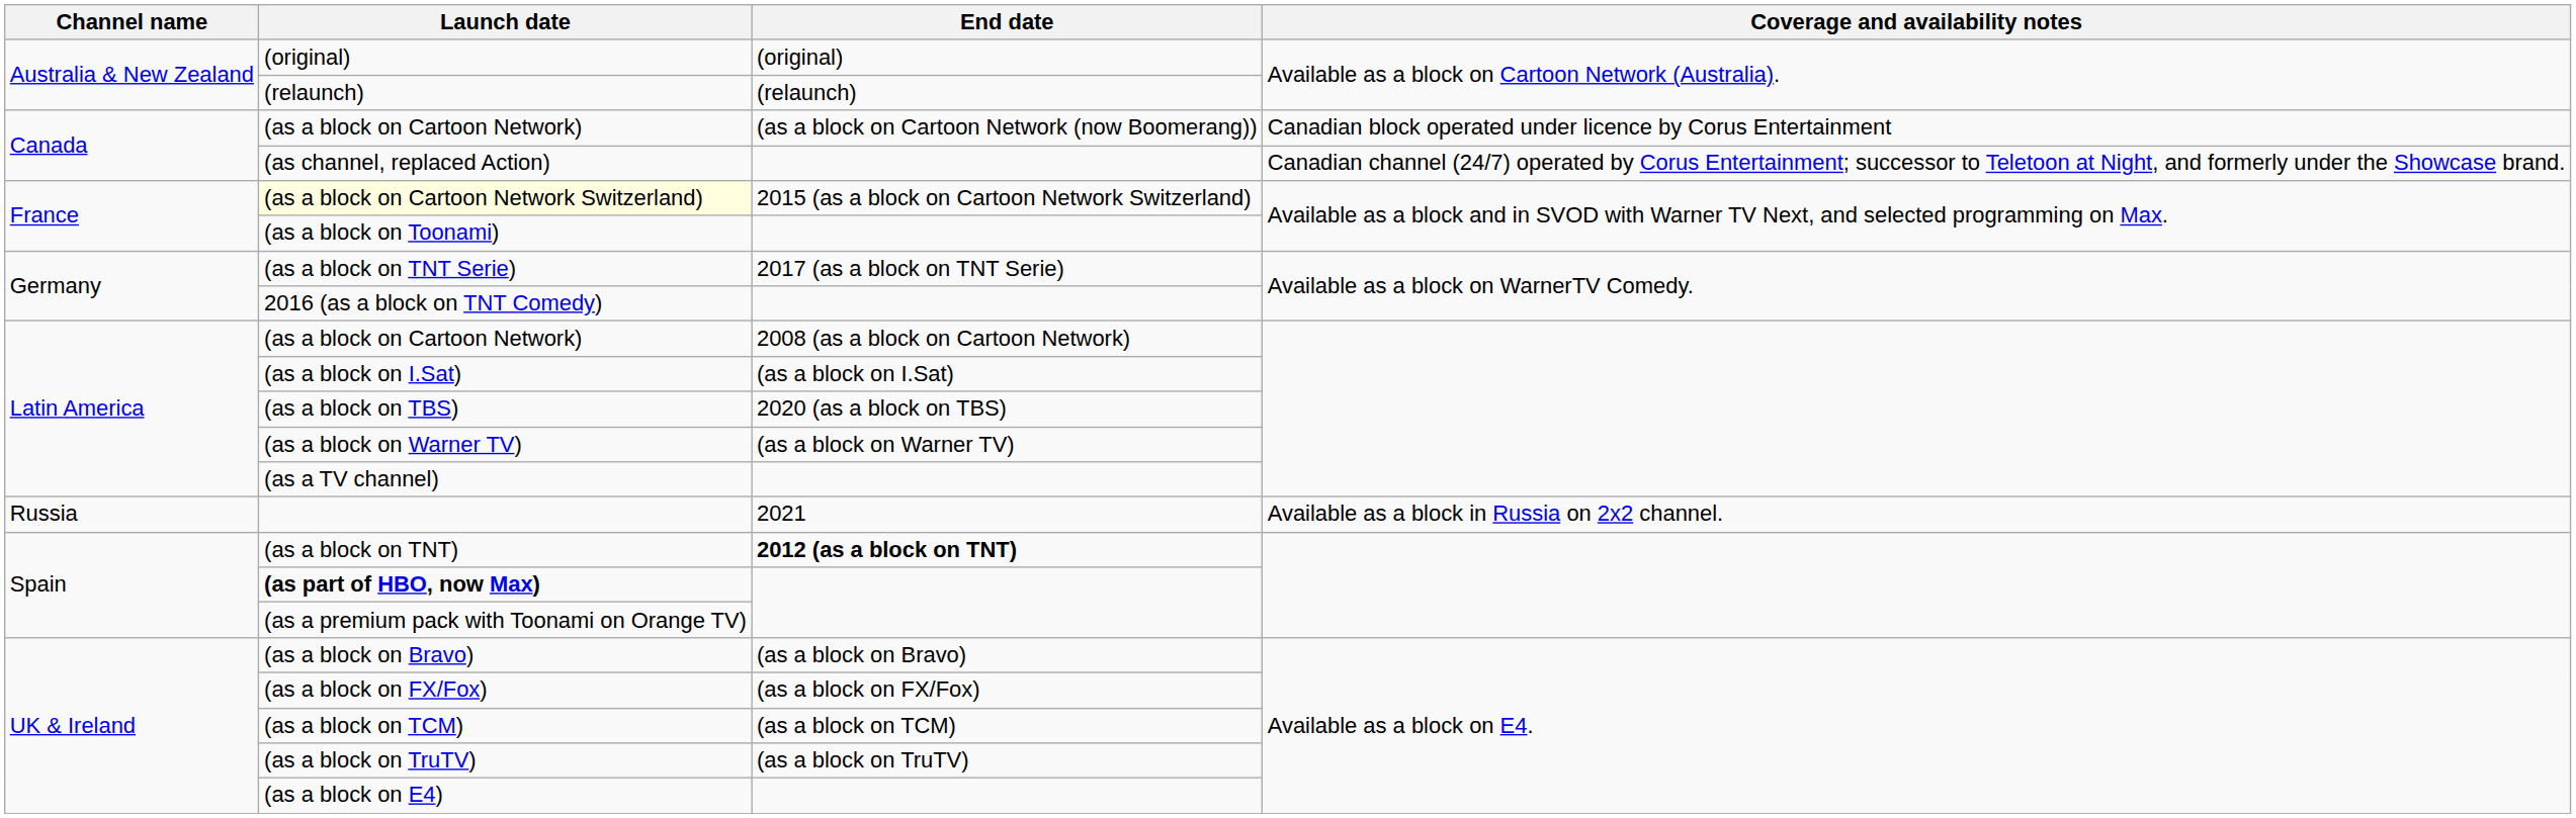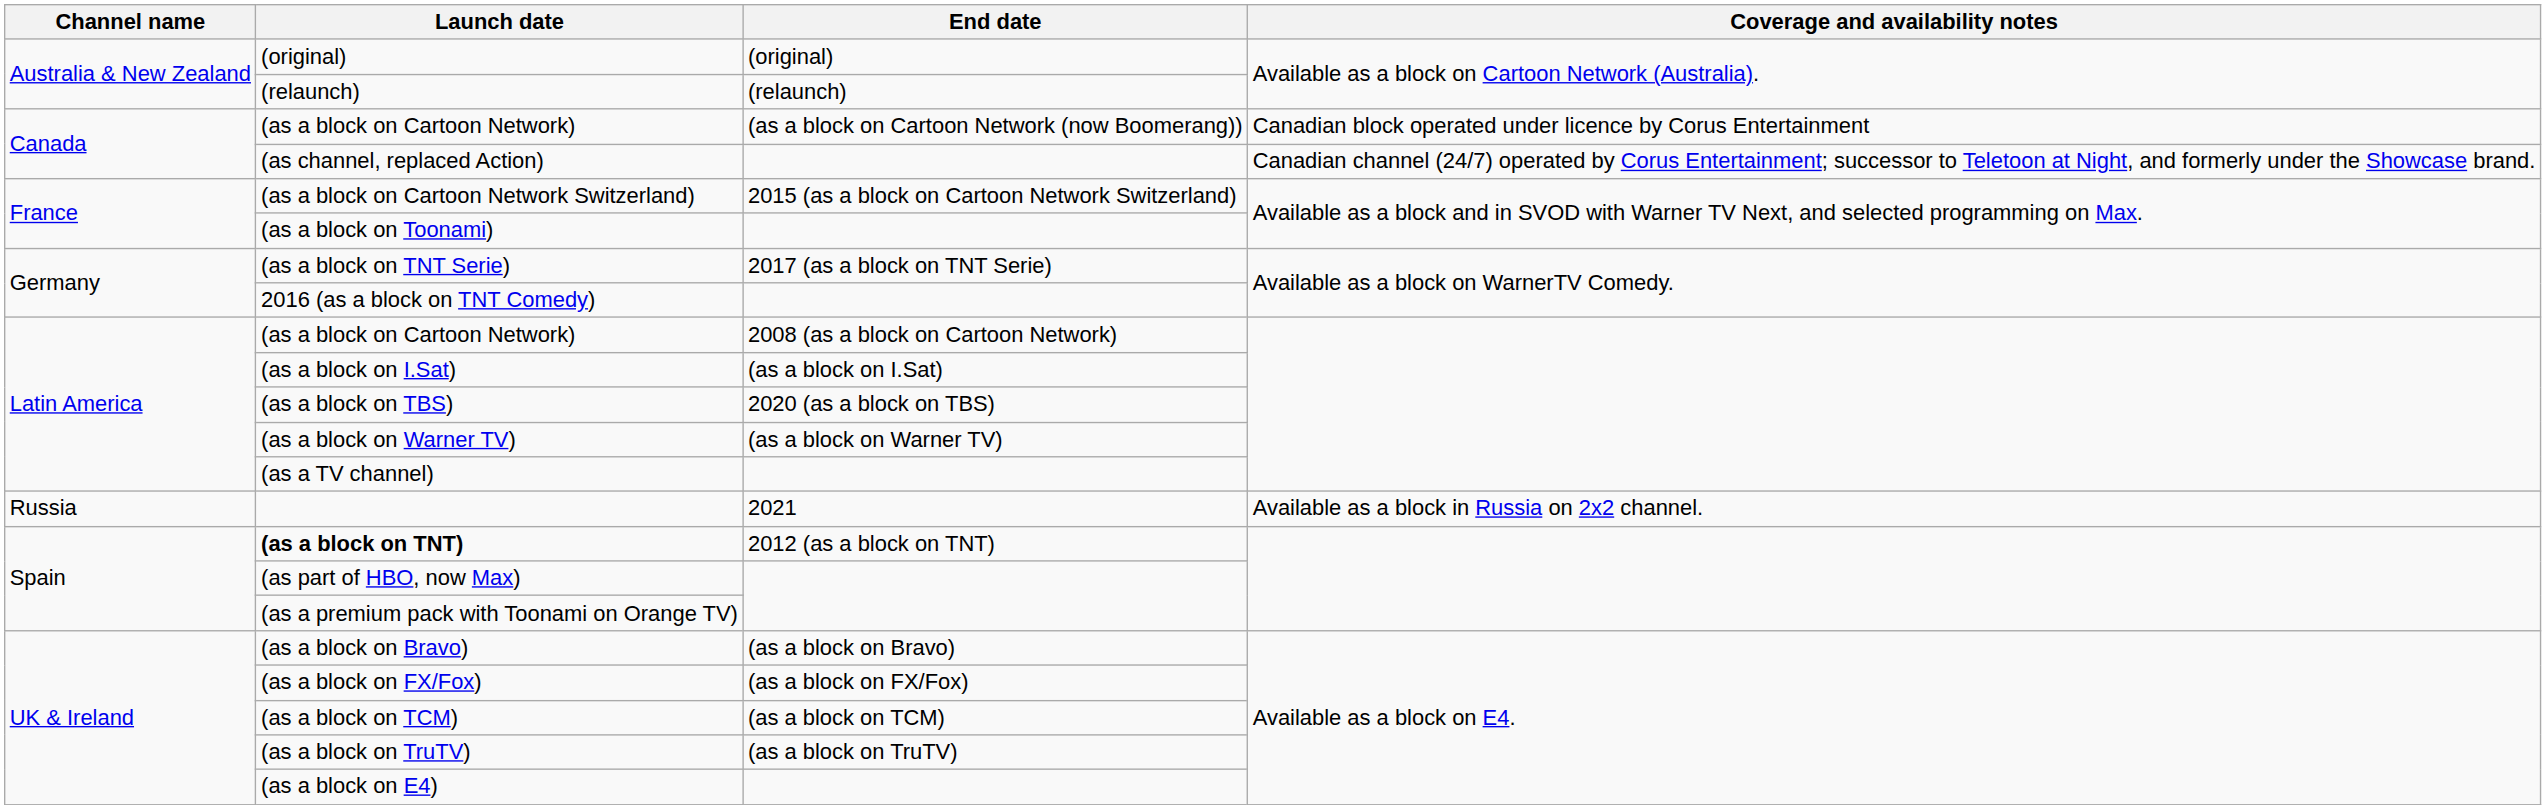 <table class="wikitable sortable">
 <tr>
 <th>Channel name</th>
 <th>Launch date</th>
 <th>End date</th>
 <th>Coverage and availability notes</th>
 </tr>
 <tr>
 <td rowspan="2"><a href='#'>Australia & New Zealand</a></td>
 <td> (original)</td>
 <td> (original)</td>
 <td rowspan="2">Available as a block on <a href='#'>Cartoon Network (Australia)</a>.</td>
 </tr>
 <tr>
 <td> (relaunch)</td>
 <td> (relaunch)</td>
 </tr>
 <tr>
 <td rowspan="2"><a href='#'>Canada</a></td>
 <td> (as a block on Cartoon Network)</td>
 <td> (as a block on Cartoon Network (now Boomerang))</td>
 <td>Canadian block operated under licence by Corus Entertainment</td>
 </tr>
 <tr>
 <td> (as channel, replaced Action)</td>
 <td></td>
 <td>Canadian channel (24/7) operated by <a href='#'>Corus Entertainment</a>; successor to <a href='#'>Teletoon at Night</a>, and formerly under the <a href='#'>Showcase</a> brand.</td>
 </tr>
 <tr>
 <td rowspan="2"><a href='#'>France</a></td>
-<td style="background: lightyellow;"> (as a block on Cartoon Network Switzerland)</td>
+<td> (as a block on Cartoon Network Switzerland)</td>
 <td>2015 (as a block on Cartoon Network Switzerland)</td>
 <td rowspan="2">Available as a block and in SVOD with Warner TV Next, and selected programming on <a href='#'>Max</a>.</td>
 </tr>
 <tr>
 <td> (as a block on <a href='#'>Toonami</a>)</td>
 <td></td>
 </tr>
 <tr>
 <td rowspan="2">Germany</td>
 <td> (as a block on <a href='#'>TNT Serie</a>)</td>
 <td>2017 (as a block on TNT Serie)</td>
 <td rowspan="2">Available as a block on WarnerTV Comedy.</td>
 </tr>
 <tr>
 <td>2016 (as a block on <a href='#'>TNT Comedy</a>)</td>
 <td></td>
 </tr>
 <tr>
 <td rowspan="5"><a href='#'>Latin America</a></td>
 <td> (as a block on Cartoon Network)</td>
 <td>2008 (as a block on Cartoon Network)</td>
 </tr>
 <tr>
 <td> (as a block on <a href='#'>I.Sat</a>)</td>
 <td> (as a block on I.Sat)</td>
 </tr>
 <tr>
 <td> (as a block on <a href='#'>TBS</a>)</td>
 <td>2020 (as a block on TBS)</td>
 </tr>
 <tr>
 <td> (as a block on <a href='#'>Warner TV</a>)</td>
 <td> (as a block on Warner TV)</td>
 </tr>
 <tr>
 <td> (as a TV channel)</td>
 <td></td>
 </tr>
 <tr>
 <td>Russia</td>
 <td></td>
 <td>2021</td>
 <td>Available as a block in <a href='#'>Russia</a> on <a href='#'>2x2</a> channel.</td>
 </tr>
 <tr>
 <td rowspan="3">Spain</td>
-<td> (as a block on TNT)</td>
-<td><strong>2012 (as a block on TNT)</strong></td>
+<td><strong> (as a block on TNT)</strong></td>
+<td>2012 (as a block on TNT)</td>
 </tr>
 <tr>
-<td><strong> (as part of <a href='#'>HBO</a>, now <a href='#'>Max</a>)</strong></td>
+<td> (as part of <a href='#'>HBO</a>, now <a href='#'>Max</a>)</td>
 <td rowspan="2"></td>
 </tr>
 <tr>
 <td> (as a premium pack with Toonami on Orange TV)</td>
 </tr>
 <tr>
 <td rowspan="5"><a href='#'>UK & Ireland</a></td>
 <td> (as a block on <a href='#'>Bravo</a>)</td>
 <td> (as a block on Bravo)</td>
 <td rowspan="5">Available as a block on <a href='#'>E4</a>.</td>
 </tr>
 <tr>
 <td> (as a block on <a href='#'>FX/Fox</a>)</td>
 <td> (as a block on FX/Fox)</td>
 </tr>
 <tr>
 <td> (as a block on <a href='#'>TCM</a>)</td>
 <td> (as a block on TCM)</td>
 </tr>
 <tr>
 <td> (as a block on <a href='#'>TruTV</a>)</td>
 <td> (as a block on TruTV)</td>
 </tr>
 <tr>
 <td> (as a block on <a href='#'>E4</a>)</td>
 <td></td>
 </tr>
 </table>
